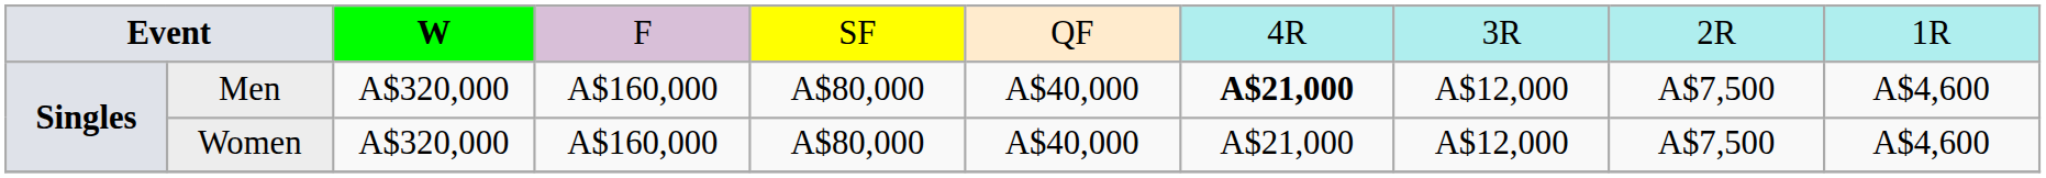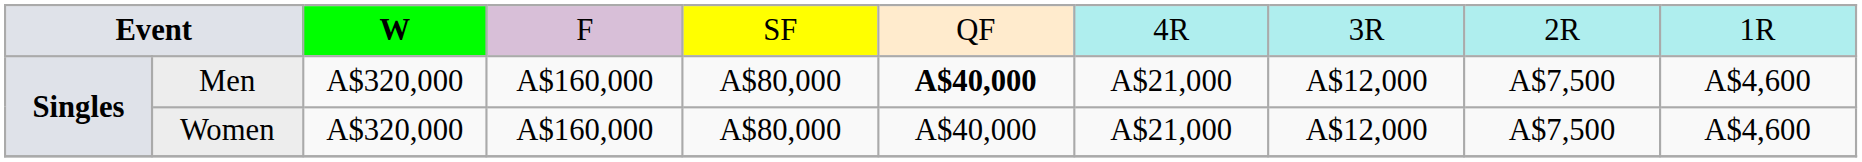 <table class=wikitable style=font-size:90%;text-align:center>
 <tr>
 <td width=200 colspan=2 bgcolor=#dfe2e9><strong>Event</strong></td>
 <td width=80 bgcolor=lime><strong>W</strong></td>
 <td width=85 bgcolor=#D8BFD8>F</td>
 <td width=85 bgcolor=#FFFF00>SF</td>
 <td width=85 bgcolor=#ffebcd>QF</td>
 <td width=85 bgcolor=#afeeee>4R</td>
 <td width=85 bgcolor=#afeeee>3R</td>
 <td width=85 bgcolor=#afeeee>2R</td>
 <td width=85 bgcolor=#afeeee>1R</td>
 </tr>
 <tr>
 <td rowspan=2 bgcolor=#dfe2e9><strong>Singles</strong></td>
 <td bgcolor=#EDEDED>Men</td>
 <td>A$320,000</td>
 <td>A$160,000</td>
 <td>A$80,000</td>
-<td>A$40,000</td>
-<td><strong>A$21,000</strong></td>
+<td><strong>A$40,000</strong></td>
+<td>A$21,000</td>
 <td>A$12,000</td>
 <td>A$7,500</td>
 <td>A$4,600</td>
 </tr>
 <tr>
 <td bgcolor=#EDEDED>Women</td>
 <td>A$320,000</td>
 <td>A$160,000</td>
 <td>A$80,000</td>
 <td>A$40,000</td>
 <td>A$21,000</td>
 <td>A$12,000</td>
 <td>A$7,500</td>
 <td>A$4,600</td>
 </tr>
 <tr>
 </tr>
 </table>
